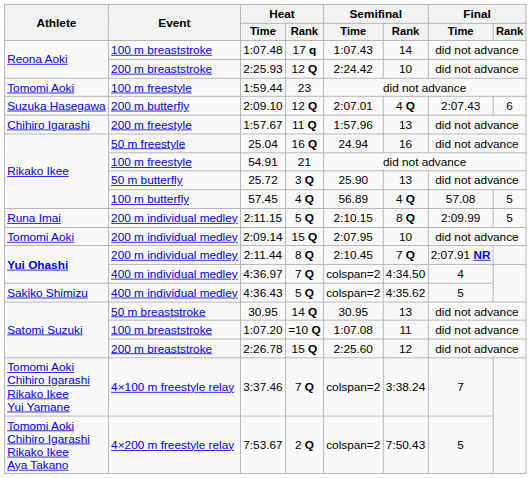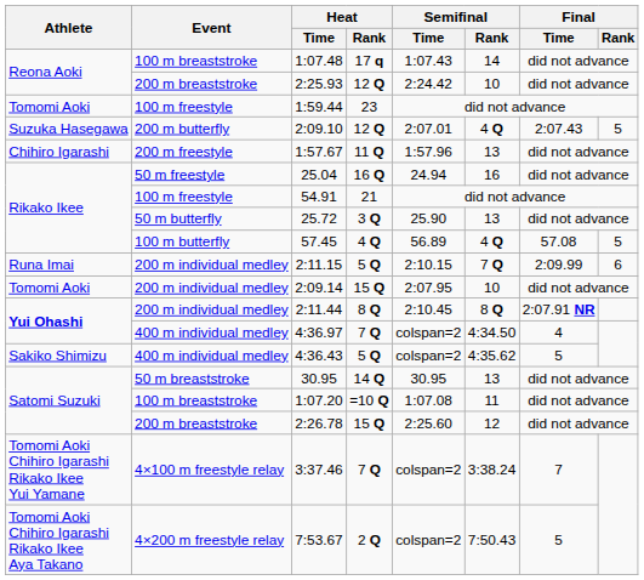 <table class=wikitable style="font-size:90%">
 <tr>
 <th rowspan="2">Athlete</th>
 <th rowspan="2">Event</th>
 <th colspan="2">Heat</th>
 <th colspan="2">Semifinal</th>
 <th colspan="2">Final</th>
 </tr>
 <tr style="font-size:95%">
 <th>Time</th>
 <th>Rank</th>
 <th>Time</th>
 <th>Rank</th>
 <th>Time</th>
 <th>Rank</th>
 </tr>
 <tr align=center>
 <td align=left rowspan=2><a href='#'>Reona Aoki</a></td>
 <td align=left><a href='#'>100 m breaststroke</a></td>
 <td>1:07.48</td>
 <td>17 <strong>q</strong></td>
 <td>1:07.43</td>
 <td>14</td>
 <td colspan=2>did not advance</td>
 </tr>
 <tr align=center>
 <td align=left><a href='#'>200 m breaststroke</a></td>
 <td>2:25.93</td>
 <td>12 <strong>Q</strong></td>
 <td>2:24.42</td>
 <td>10</td>
 <td colspan=2>did not advance</td>
 </tr>
 <tr align=center>
 <td align=left><a href='#'>Tomomi Aoki</a></td>
 <td align=left><a href='#'>100 m freestyle</a></td>
 <td>1:59.44</td>
 <td>23</td>
 <td colspan=4>did not advance</td>
 </tr>
 <tr align=center>
 <td align=left><a href='#'>Suzuka Hasegawa</a></td>
 <td align=left><a href='#'>200 m butterfly</a></td>
 <td>2:09.10</td>
 <td>12 <strong>Q</strong></td>
 <td>2:07.01</td>
 <td>4 <strong>Q</strong></td>
 <td>2:07.43</td>
-<td>6</td>
+<td>5</td>
 </tr>
 <tr align=center>
 <td align=left><a href='#'>Chihiro Igarashi</a></td>
 <td align=left><a href='#'>200 m freestyle</a></td>
 <td>1:57.67</td>
 <td>11 <strong>Q</strong></td>
 <td>1:57.96</td>
 <td>13</td>
 <td colspan=2>did not advance</td>
 </tr>
 <tr align=center>
 <td align=left rowspan=4><a href='#'>Rikako Ikee</a></td>
 <td align=left><a href='#'>50 m freestyle</a></td>
 <td>25.04</td>
 <td>16 <strong>Q</strong></td>
 <td>24.94</td>
 <td>16</td>
 <td colspan=2>did not advance</td>
 </tr>
 <tr align=center>
 <td align=left><a href='#'>100 m freestyle</a></td>
 <td>54.91</td>
 <td>21</td>
 <td colspan=4>did not advance</td>
 </tr>
 <tr align=center>
 <td align=left><a href='#'>50 m butterfly</a></td>
 <td>25.72</td>
 <td>3 <strong>Q</strong></td>
 <td>25.90</td>
 <td>13</td>
 <td colspan=2>did not advance</td>
 </tr>
 <tr align=center>
 <td align=left><a href='#'>100 m butterfly</a></td>
 <td>57.45</td>
 <td>4 <strong>Q</strong></td>
 <td>56.89</td>
 <td>4 <strong>Q</strong></td>
 <td>57.08</td>
 <td>5</td>
 </tr>
 <tr align=center>
 <td align=left><a href='#'>Runa Imai</a></td>
 <td align=left><a href='#'>200 m individual medley</a></td>
 <td>2:11.15</td>
 <td>5 <strong>Q</strong></td>
 <td>2:10.15</td>
-<td>8 <strong>Q</strong></td>
+<td>7 <strong>Q</strong></td>
 <td>2:09.99</td>
-<td>5</td>
+<td>6</td>
 </tr>
 <tr align=center>
 <td align=left><a href='#'>Tomomi Aoki</a></td>
 <td align=left><a href='#'>200 m individual medley</a></td>
 <td>2:09.14</td>
 <td>15 <strong>Q</strong></td>
 <td>2:07.95</td>
 <td>10</td>
 <td colspan=2>did not advance</td>
 </tr>
 <tr align=center>
 <td align=left rowspan=2><strong><a href='#'>Yui Ohashi</a></strong></td>
 <td align=left><a href='#'>200 m individual medley</a></td>
 <td>2:11.44</td>
 <td>8 <strong>Q</strong></td>
 <td>2:10.45</td>
-<td>7 <strong>Q</strong></td>
+<td>8 <strong>Q</strong></td>
 <td>2:07.91 <strong><a href='#'>NR</a></strong></td>
 <td></td>
 </tr>
 <tr align=center>
 <td align=left><a href='#'>400 m individual medley</a></td>
 <td>4:36.97</td>
 <td>7 <strong>Q</strong></td>
 <td>colspan=2 </td>
 <td>4:34.50</td>
 <td>4</td>
 </tr>
 <tr align=center>
 <td align=left><a href='#'>Sakiko Shimizu</a></td>
 <td align=left><a href='#'>400 m individual medley</a></td>
 <td>4:36.43</td>
 <td>5 <strong>Q</strong></td>
 <td>colspan=2 </td>
 <td>4:35.62</td>
 <td>5</td>
 </tr>
 <tr align=center>
 <td align=left rowspan=3><a href='#'>Satomi Suzuki</a></td>
 <td align=left><a href='#'>50 m breaststroke</a></td>
 <td>30.95</td>
 <td>14 <strong>Q</strong></td>
 <td>30.95</td>
 <td>13</td>
 <td colspan=2>did not advance</td>
 </tr>
 <tr align=center>
 <td align=left><a href='#'>100 m breaststroke</a></td>
 <td>1:07.20</td>
 <td>=10 <strong>Q</strong></td>
 <td>1:07.08</td>
 <td>11</td>
 <td colspan=2>did not advance</td>
 </tr>
 <tr align=center>
 <td align=left><a href='#'>200 m breaststroke</a></td>
 <td>2:26.78</td>
 <td>15 <strong>Q</strong></td>
 <td>2:25.60</td>
 <td>12</td>
 <td colspan=2>did not advance</td>
 </tr>
 <tr align=center>
 <td align=left><a href='#'>Tomomi Aoki</a><br><a href='#'>Chihiro Igarashi</a><br><a href='#'>Rikako Ikee</a><br><a href='#'>Yui Yamane</a></td>
 <td align=left><a href='#'>4×100 m freestyle relay</a></td>
 <td>3:37.46</td>
 <td>7 <strong>Q</strong></td>
 <td>colspan=2 </td>
 <td>3:38.24</td>
 <td>7</td>
 </tr>
 <tr align=center>
 <td align=left><a href='#'>Tomomi Aoki</a><br><a href='#'>Chihiro Igarashi</a><br><a href='#'>Rikako Ikee</a><br><a href='#'>Aya Takano</a></td>
 <td align=left><a href='#'>4×200 m freestyle relay</a></td>
 <td>7:53.67</td>
 <td>2 <strong>Q</strong></td>
 <td>colspan=2 </td>
 <td>7:50.43</td>
 <td>5</td>
 </tr>
 </table>
